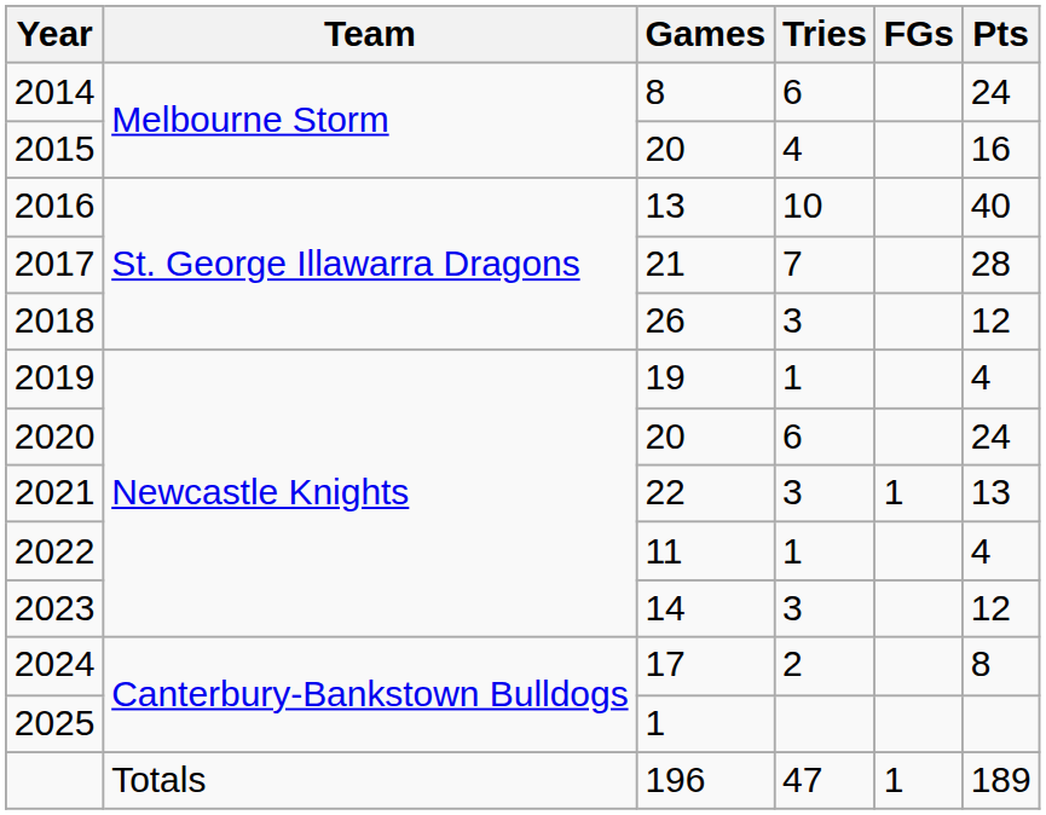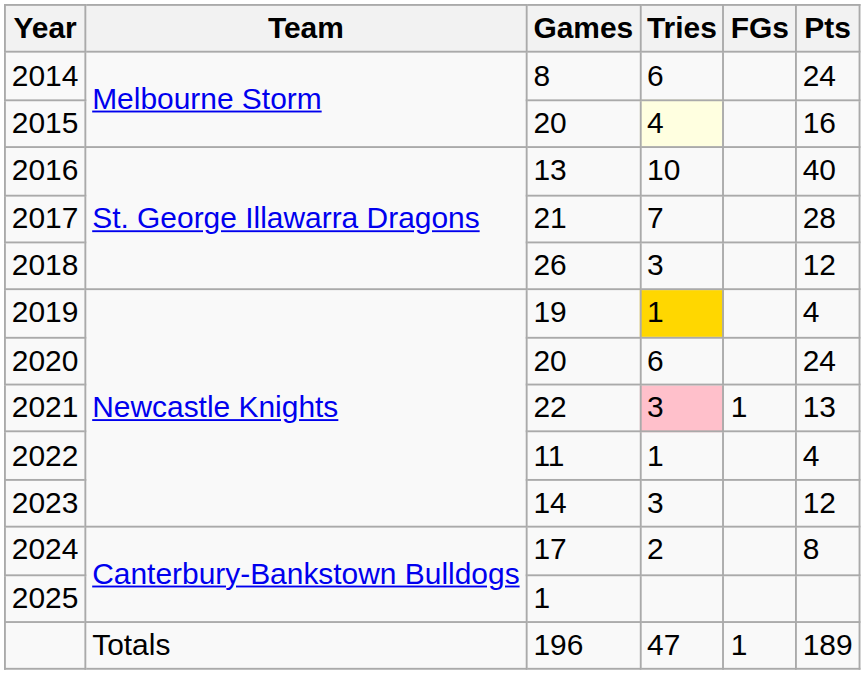 <table class="wikitable">
 <tr>
 <th>Year</th>
 <th>Team</th>
 <th>Games</th>
 <th>Tries</th>
 <th>FGs</th>
 <th>Pts</th>
 </tr>
 <tr>
 <td>2014</td>
 <td rowspan="2"> <a href='#'>Melbourne Storm</a></td>
 <td>8</td>
 <td>6</td>
 <td></td>
 <td>24</td>
 </tr>
 <tr>
 <td>2015</td>
 <td>20</td>
-<td>4</td>
+<td style="background: lightyellow;">4</td>
 <td></td>
 <td>16</td>
 </tr>
 <tr>
 <td>2016</td>
 <td rowspan="3"> <a href='#'>St. George Illawarra Dragons</a></td>
 <td>13</td>
 <td>10</td>
 <td></td>
 <td>40</td>
 </tr>
 <tr>
 <td>2017</td>
 <td>21</td>
 <td>7</td>
 <td></td>
 <td>28</td>
 </tr>
 <tr>
 <td>2018</td>
 <td>26</td>
 <td>3</td>
 <td></td>
 <td>12</td>
 </tr>
 <tr>
 <td>2019</td>
 <td rowspan="5"> <a href='#'>Newcastle Knights</a></td>
 <td>19</td>
-<td>1</td>
+<td style="background: gold;">1</td>
 <td></td>
 <td>4</td>
 </tr>
 <tr>
 <td>2020</td>
 <td>20</td>
 <td>6</td>
 <td></td>
 <td>24</td>
 </tr>
 <tr>
 <td>2021</td>
 <td>22</td>
-<td>3</td>
+<td style="background: pink;">3</td>
 <td>1</td>
 <td>13</td>
 </tr>
 <tr>
 <td>2022</td>
 <td>11</td>
 <td>1</td>
 <td></td>
 <td>4</td>
 </tr>
 <tr>
 <td>2023</td>
 <td>14</td>
 <td>3</td>
 <td></td>
 <td>12</td>
 </tr>
 <tr>
 <td>2024</td>
 <td rowspan="2"> <a href='#'>Canterbury-Bankstown Bulldogs</a></td>
 <td>17</td>
 <td>2</td>
 <td></td>
 <td>8</td>
 </tr>
 <tr>
 <td>2025</td>
 <td>1</td>
 <td></td>
 <td></td>
 <td></td>
 </tr>
 <tr>
 <td></td>
 <td>Totals</td>
 <td>196</td>
 <td>47</td>
 <td>1</td>
 <td>189</td>
 </tr>
 </table>
